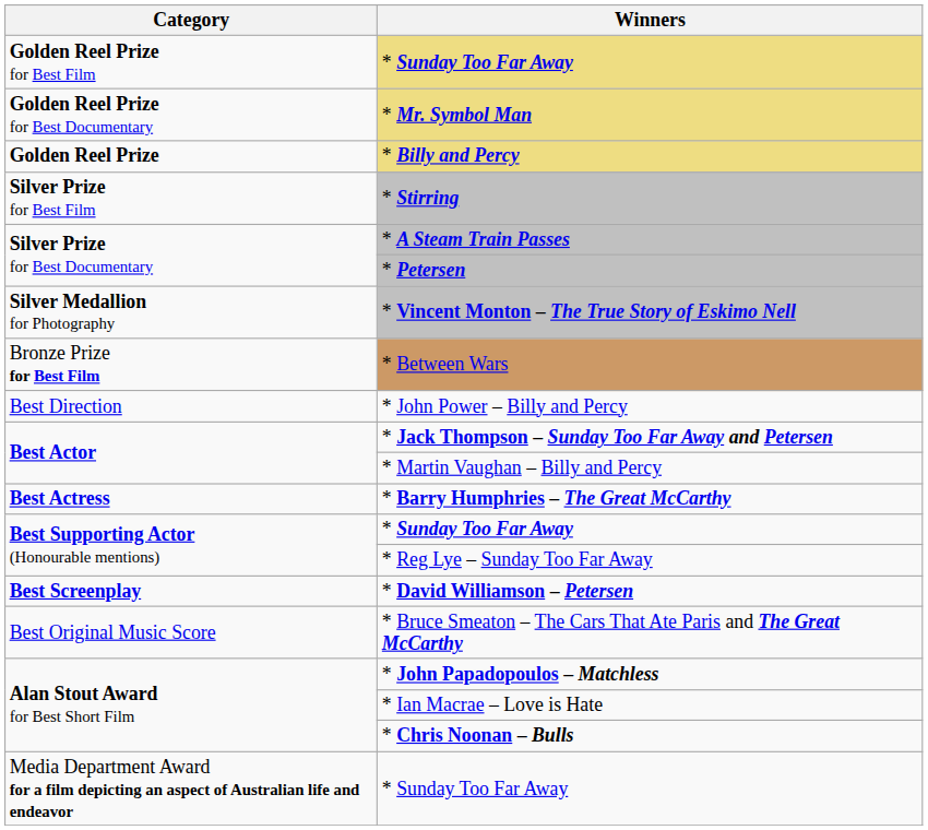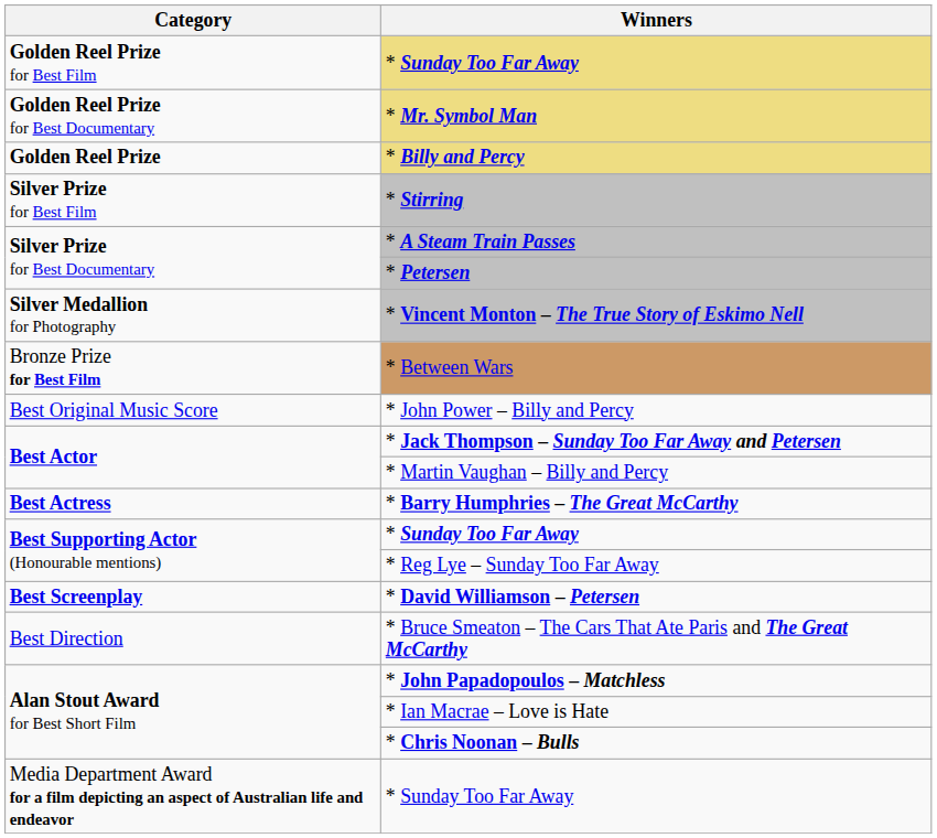 <table class="wikitable" width="60%" align="centre">
 <tr>
 <th width="300px">Category</th>
 <th>Winners</th>
 </tr>
 <tr>
 <td><strong>Golden Reel Prize</strong><br><small>for <a href='#'>Best Film</a></small></td>
 <td style="background:#EEDD82">* <strong><em><a href='#'>Sunday Too Far Away</a></em></strong></td>
 </tr>
 <tr>
 <td><strong>Golden Reel Prize</strong><br><small>for <a href='#'>Best Documentary</a></small></td>
 <td style="background:#EEDD82">* <strong><em><a href='#'>Mr. Symbol Man</a></em></strong></td>
 </tr>
 <tr>
 <td><strong>Golden Reel Prize</strong></td>
 <td style="background:#EEDD82">* <strong><em><a href='#'>Billy and Percy</a></em></strong></td>
 </tr>
 <tr>
 <td><strong>Silver Prize</strong><br><small>for <a href='#'>Best Film</a></small></td>
 <td style="background:#C0C0C0">* <strong><em><a href='#'>Stirring</a></em></strong></td>
 </tr>
 <tr>
 <td rowspan="2"><strong>Silver Prize</strong><br><small>for <a href='#'>Best Documentary</a></small></td>
 <td style="background:#C0C0C0">* <strong><em><a href='#'>A Steam Train Passes</a></em></strong></td>
 </tr>
 <tr>
 <td style="background:#C0C0C0">* <strong><em><a href='#'>Petersen</a></em></strong></td>
 </tr>
 <tr>
 <td><strong>Silver Medallion</strong><br><small>for Photography</small></td>
 <td style="background:#C0C0C0">* <strong><a href='#'>Vincent Monton</a> – <em><a href='#'>The True Story of Eskimo Nell</a><strong><em></td>
 </tr>
 <tr>
 <td></strong>Bronze Prize<strong><br><small>for <a href='#'>Best Film</a></small></td>
 <td style="background:#cc9966">* </em></strong><a href='#'>Between Wars</a><strong><em></td>
 </tr>
 <tr>
-<td></strong><a href='#'>Best Direction</a><strong></td>
+<td></strong><a href='#'>Best Original Music Score</a><strong></td>
 <td>* </strong><a href='#'>John Power</a> – </em><a href='#'>Billy and Percy</a></em></strong></td>
 </tr>
 <tr>
 <td rowspan="2"><strong><a href='#'>Best Actor</a></strong></td>
 <td>* <strong><a href='#'>Jack Thompson</a> – <em><a href='#'>Sunday Too Far Away</a><strong><em> and </em></strong><a href='#'>Petersen</a><strong><em></td>
 </tr>
 <tr>
 <td>* </strong><a href='#'>Martin Vaughan</a> – </em><a href='#'>Billy and Percy</a></em></strong></td>
 </tr>
 <tr>
 <td><strong><a href='#'>Best Actress</a></strong></td>
 <td>* <strong><a href='#'>Barry Humphries</a> – <em><a href='#'>The Great McCarthy</a><strong><em></td>
 </tr>
 <tr>
 <td rowspan="2"><strong><a href='#'>Best Supporting Actor</a></strong><br><small>(Honourable mentions)</small></td>
 <td>* <strong><em><a href='#'>Sunday Too Far Away</a></em></strong></td>
 </tr>
 <tr>
 <td>* </strong><a href='#'>Reg Lye</a> – </em><a href='#'>Sunday Too Far Away</a></em></strong></td>
 </tr>
 <tr>
 <td><strong><a href='#'>Best Screenplay</a></strong></td>
 <td>* <strong><a href='#'>David Williamson</a> – <em><a href='#'>Petersen</a><strong><em></td>
 </tr>
 <tr>
-<td></strong><a href='#'>Best Original Music Score</a><strong></td>
+<td></strong><a href='#'>Best Direction</a><strong></td>
 <td>* </strong><a href='#'>Bruce Smeaton</a> – </em><a href='#'>The Cars That Ate Paris</a></em></strong> and <strong><em><a href='#'>The Great McCarthy</a></em></strong></td>
 </tr>
 <tr>
 <td rowspan="3"><strong>Alan Stout Award</strong><br><small>for Best Short Film</small></td>
 <td>* <strong><a href='#'>John Papadopoulos</a> – <em>Matchless<strong><em></td>
 </tr>
 <tr>
 <td>* </strong><a href='#'>Ian Macrae</a> – </em>Love is Hate</em></strong></td>
 </tr>
 <tr>
 <td>* <strong><a href='#'>Chris Noonan</a> – <em>Bulls<strong><em></td>
 </tr>
 <tr>
 <td></strong>Media Department Award<strong><br><small>for a film depicting an aspect of Australian life and endeavor</small></td>
 <td>* </em></strong><a href='#'>Sunday Too Far Away</a><strong><em></td>
 </tr>
 <tr>
 </tr>
 </table>
